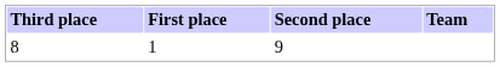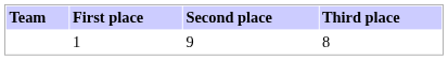 <table border="0" cellspacing="1" cellpadding="3"  style="width:450px; border:1px solid #aaa;">
 <tr style="background:#ccf;">
-<td><strong>Third place</strong></td>
+<td><strong>Team</strong></td>
 <td><strong>First place</strong></td>
 <td><strong>Second place</strong></td>
-<td><strong>Team</strong></td>
+<td><strong>Third place</strong></td>
 </tr>
 <tr style="background:#fff;">
-<td>8</td>
+<td></td>
 <td>1</td>
 <td>9</td>
-<td></td>
+<td>8</td>
 </tr>
 </table>
